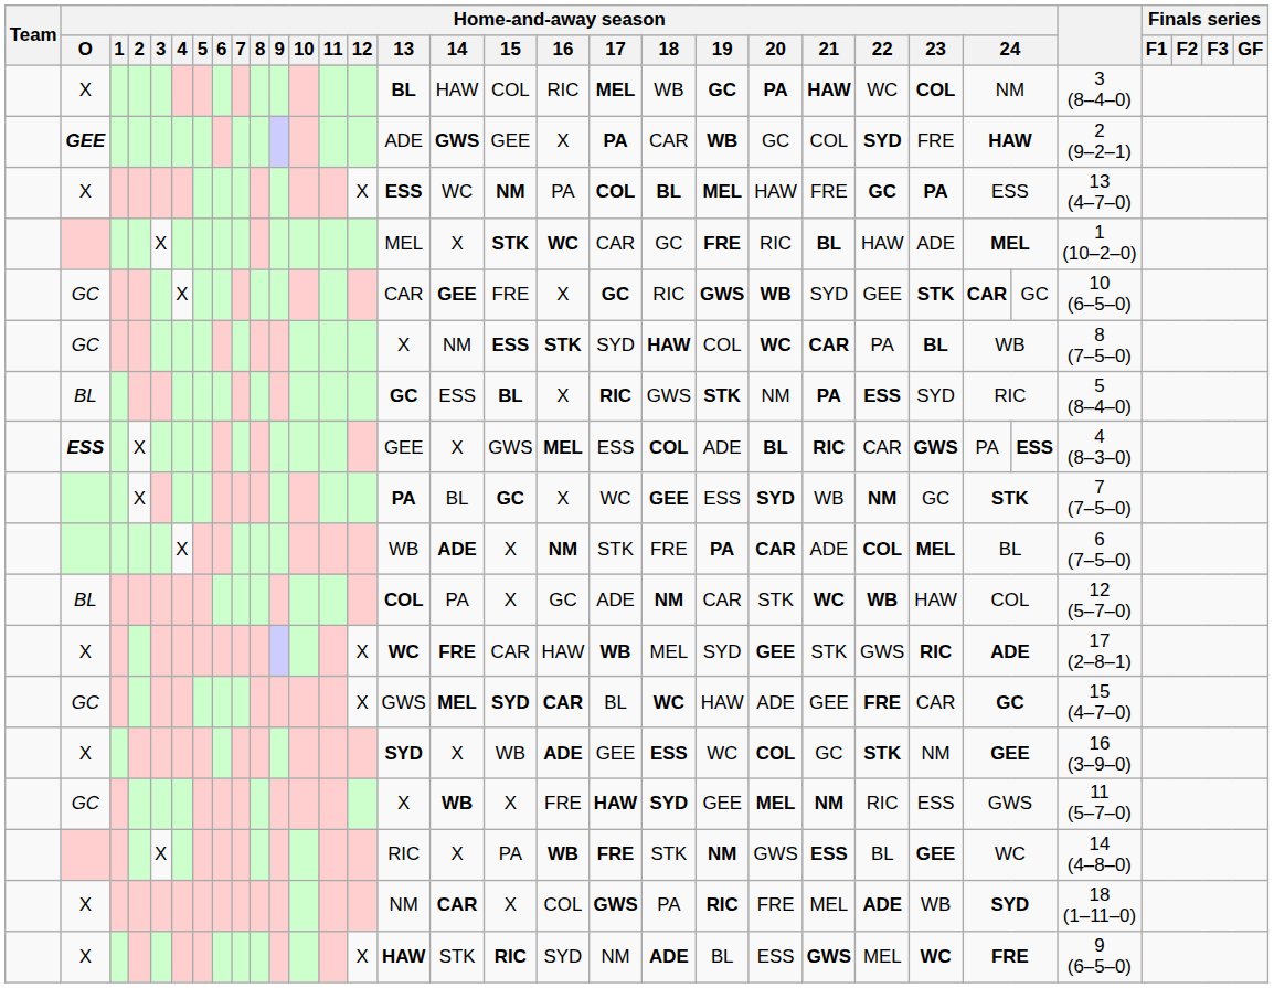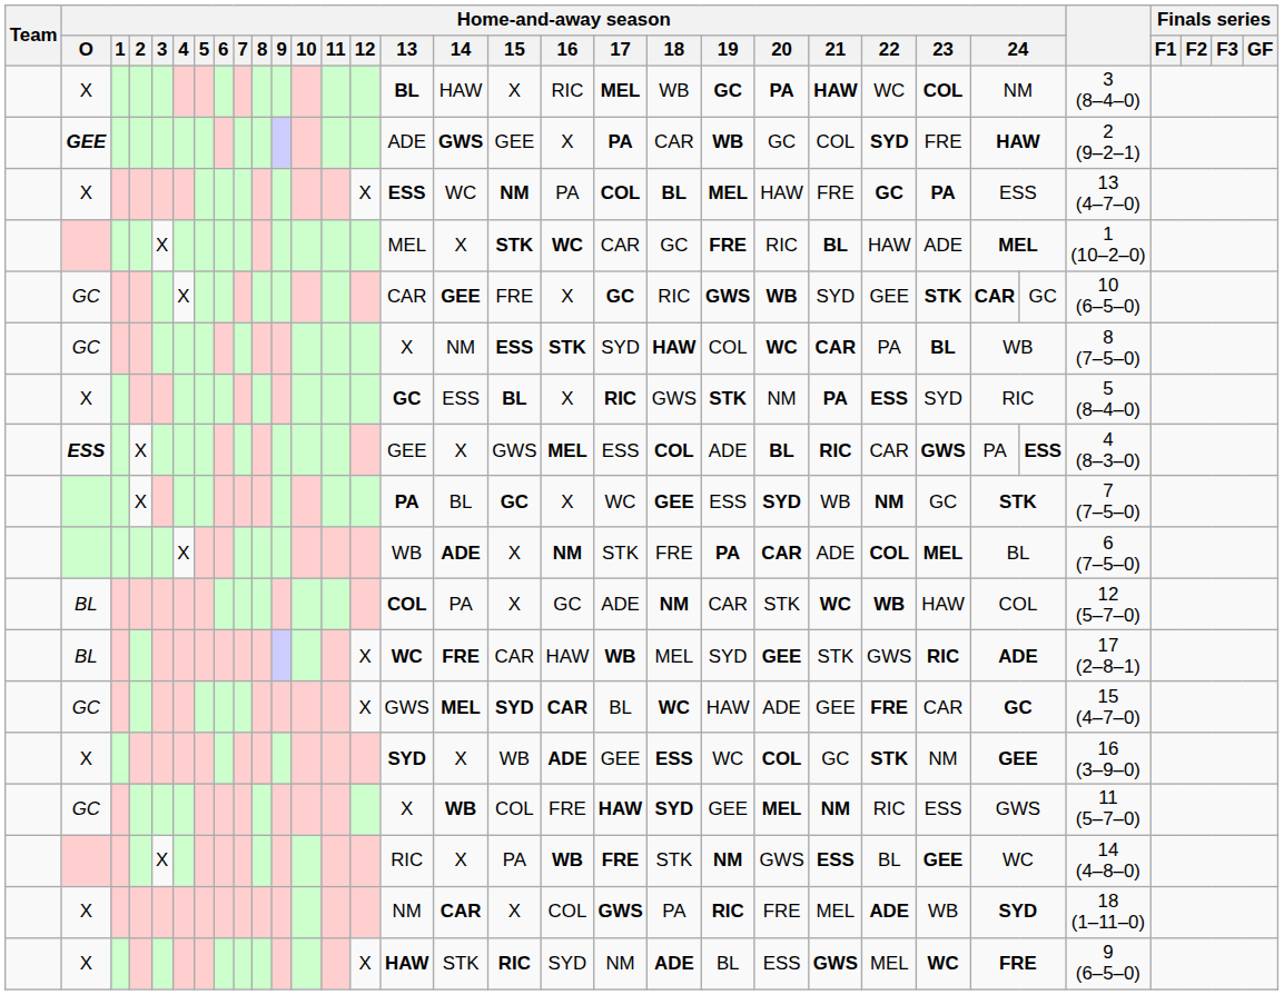 <table class="wikitable sortable" style="font-size:77.5%; text-align:center">
 <tr>
 <th rowspan=2>Team</th>
 <th colspan=26>Home-and-away season</th>
 <th rowspan=2></th>
 <th colspan=4>Finals series</th>
 </tr>
 <tr>
 <th>O</th>
 <th>1</th>
 <th>2</th>
 <th>3</th>
 <th>4</th>
 <th>5</th>
 <th>6</th>
 <th>7</th>
 <th>8</th>
 <th>9</th>
 <th>10</th>
 <th>11</th>
 <th>12</th>
 <th>13</th>
 <th>14</th>
 <th>15</th>
 <th>16</th>
 <th>17</th>
 <th>18</th>
 <th>19</th>
 <th>20</th>
 <th>21</th>
 <th>22</th>
 <th>23</th>
 <th colspan=2 class=unsortable>24</th>
 <th>F1</th>
 <th>F2</th>
 <th>F3</th>
 <th>GF</th>
 </tr>
 <tr>
 <td align=left></td>
 <td>X</td>
 <td bgcolor=CCFFCC><strong></strong></td>
 <td bgcolor=CCFFCC></td>
 <td bgcolor=CCFFCC><strong></strong></td>
 <td bgcolor=FFCFCF></td>
 <td bgcolor=FFCFCF></td>
 <td bgcolor=CCFFCC><strong></strong></td>
 <td bgcolor=FFCFCF></td>
 <td bgcolor=CCFFCC><strong></strong></td>
 <td bgcolor=CCFFCC></td>
 <td bgcolor=FFCFCF></td>
 <td bgcolor=CCFFCC><strong></strong></td>
 <td bgcolor=CCFFCC></td>
 <td><strong>BL</strong></td>
 <td>HAW</td>
-<td>COL</td>
+<td>X</td>
 <td>RIC</td>
 <td><strong>MEL</strong></td>
 <td>WB</td>
 <td><strong>GC</strong></td>
 <td><strong>PA</strong></td>
 <td><strong>HAW</strong></td>
 <td>WC</td>
 <td><strong>COL</strong></td>
 <td colspan=2>NM</td>
 <td>3<br>(8–4–0)</td>
 <td colspan=4></td>
 </tr>
 <tr>
 <td align=left></td>
 <td><strong><em>GEE</em></strong></td>
 <td bgcolor=CCFFCC></td>
 <td bgcolor=CCFFCC><strong></strong></td>
 <td bgcolor=CCFFCC><strong></strong></td>
 <td bgcolor=CCFFCC></td>
 <td bgcolor=CCFFCC></td>
 <td bgcolor=FFCFCF><strong></strong></td>
 <td bgcolor=CCFFCC></td>
 <td bgcolor=CCFFCC><strong></strong></td>
 <td bgcolor=CCCCFF></td>
 <td bgcolor=FFCFCF><strong></strong></td>
 <td bgcolor=CCFFCC></td>
 <td bgcolor=CCFFCC><strong></strong></td>
 <td>ADE</td>
 <td><strong>GWS</strong></td>
 <td>GEE</td>
 <td>X</td>
 <td><strong>PA</strong></td>
 <td>CAR</td>
 <td><strong>WB</strong></td>
 <td>GC</td>
 <td>COL</td>
 <td><strong>SYD</strong></td>
 <td>FRE</td>
 <td colspan=2><strong>HAW</strong></td>
 <td>2<br>(9–2–1)</td>
 <td colspan=4></td>
 </tr>
 <tr>
 <td align=left></td>
 <td>X</td>
 <td bgcolor=FFCFCF></td>
 <td bgcolor=FFCFCF><strong></strong></td>
 <td bgcolor=FFCFCF><strong></strong></td>
 <td bgcolor=FFCFCF></td>
 <td bgcolor=CCFFCC></td>
 <td bgcolor=CCFFCC></td>
 <td bgcolor=CCFFCC><strong></strong></td>
 <td bgcolor=FFCFCF></td>
 <td bgcolor=CCFFCC></td>
 <td bgcolor=FFCFCF></td>
 <td bgcolor=FFCFCF><strong></strong></td>
 <td>X</td>
 <td><strong>ESS</strong></td>
 <td>WC</td>
 <td><strong>NM</strong></td>
 <td>PA</td>
 <td><strong>COL</strong></td>
 <td><strong>BL</strong></td>
 <td><strong>MEL</strong></td>
 <td>HAW</td>
 <td>FRE</td>
 <td><strong>GC</strong></td>
 <td><strong>PA</strong></td>
 <td colspan=2>ESS</td>
 <td>13<br>(4–7–0)</td>
 <td colspan=4></td>
 </tr>
 <tr>
 <td align=left></td>
 <td bgcolor=FFCFCF></td>
 <td bgcolor=CCFFCC><strong></strong></td>
 <td bgcolor=CCFFCC></td>
 <td>X</td>
 <td bgcolor=CCFFCC><strong></strong></td>
 <td bgcolor=CCFFCC></td>
 <td bgcolor=CCFFCC></td>
 <td bgcolor=CCFFCC><strong></strong></td>
 <td bgcolor=FFCFCF><strong></strong></td>
 <td bgcolor=CCFFCC></td>
 <td bgcolor=CCFFCC><strong></strong></td>
 <td bgcolor=CCFFCC></td>
 <td bgcolor=CCFFCC><strong></strong></td>
 <td>MEL</td>
 <td>X</td>
 <td><strong>STK</strong></td>
 <td><strong>WC</strong></td>
 <td>CAR</td>
 <td>GC</td>
 <td><strong>FRE</strong></td>
 <td>RIC</td>
 <td><strong>BL</strong></td>
 <td>HAW</td>
 <td>ADE</td>
 <td colspan=2><strong>MEL</strong></td>
 <td>1<br>(10–2–0)</td>
 <td colspan=4></td>
 </tr>
 <tr>
 <td align=left></td>
 <td><em>GC</em></td>
 <td bgcolor=FFCFCF></td>
 <td bgcolor=FFCFCF><strong></strong></td>
 <td bgcolor=CCFFCC><strong></strong></td>
 <td>X</td>
 <td bgcolor=CCFFCC></td>
 <td bgcolor=CCFFCC></td>
 <td bgcolor=FFCFCF></td>
 <td bgcolor=CCFFCC><strong></strong></td>
 <td bgcolor=CCFFCC><strong></strong></td>
 <td bgcolor=FFCFCF></td>
 <td bgcolor=CCFFCC><strong></strong></td>
 <td bgcolor=FFCFCF></td>
 <td>CAR</td>
 <td><strong>GEE</strong></td>
 <td>FRE</td>
 <td>X</td>
 <td><strong>GC</strong></td>
 <td>RIC</td>
 <td><strong>GWS</strong></td>
 <td><strong>WB</strong></td>
 <td>SYD</td>
 <td>GEE</td>
 <td><strong>STK</strong></td>
 <td><strong>CAR</strong></td>
 <td>GC</td>
 <td>10<br>(6–5–0)</td>
 <td colspan=4></td>
 </tr>
 <tr>
 <td align=left></td>
 <td><em>GC</em></td>
 <td bgcolor=FFCFCF></td>
 <td bgcolor=FFCFCF><strong></strong></td>
 <td bgcolor=CCFFCC></td>
 <td bgcolor=CCFFCC><strong></strong></td>
 <td bgcolor=CCFFCC></td>
 <td bgcolor=FFCFCF></td>
 <td bgcolor=CCFFCC><strong></strong></td>
 <td bgcolor=FFCFCF></td>
 <td bgcolor=FFCFCF><strong></strong></td>
 <td bgcolor=CCFFCC></td>
 <td bgcolor=CCFFCC><strong></strong></td>
 <td bgcolor=CCFFCC></td>
 <td>X</td>
 <td>NM</td>
 <td><strong>ESS</strong></td>
 <td><strong>STK</strong></td>
 <td>SYD</td>
 <td><strong>HAW</strong></td>
 <td>COL</td>
 <td><strong>WC</strong></td>
 <td><strong>CAR</strong></td>
 <td>PA</td>
 <td><strong>BL</strong></td>
 <td colspan=2>WB</td>
 <td>8<br>(7–5–0)</td>
 <td colspan=4></td>
 </tr>
 <tr>
 <td align=left></td>
-<td><em>BL</em></td>
+<td>X</td>
 <td bgcolor=CCFFCC><strong></strong></td>
 <td bgcolor=FFCFCF></td>
 <td bgcolor=FFCFCF></td>
 <td bgcolor=CCFFCC><strong></strong></td>
 <td bgcolor=CCFFCC></td>
 <td bgcolor=CCFFCC><strong></strong></td>
 <td bgcolor=FFCFCF></td>
 <td bgcolor=CCFFCC></td>
 <td bgcolor=FFCFCF><strong></strong></td>
 <td bgcolor=CCFFCC></td>
 <td bgcolor=CCFFCC><strong></strong></td>
 <td bgcolor=CCFFCC></td>
 <td><strong>GC</strong></td>
 <td>ESS</td>
 <td><strong>BL</strong></td>
 <td>X</td>
 <td><strong>RIC</strong></td>
 <td>GWS</td>
 <td><strong>STK</strong></td>
 <td>NM</td>
 <td><strong>PA</strong></td>
 <td><strong>ESS</strong></td>
 <td>SYD</td>
 <td colspan=2>RIC</td>
 <td>5<br>(8–4–0)</td>
 <td colspan=4></td>
 </tr>
 <tr>
 <td align=left></td>
 <td><strong><em>ESS</em></strong></td>
 <td bgcolor=CCFFCC></td>
 <td>X</td>
 <td bgcolor=CCFFCC></td>
 <td bgcolor=CCFFCC><strong></strong></td>
 <td bgcolor=CCFFCC></td>
 <td bgcolor=FFCFCF></td>
 <td bgcolor=CCFFCC><strong></strong></td>
 <td bgcolor=FFCFCF></td>
 <td bgcolor=CCFFCC><strong></strong></td>
 <td bgcolor=CCFFCC><strong></strong></td>
 <td bgcolor=CCFFCC></td>
 <td bgcolor=FFCFCF><strong></strong></td>
 <td>GEE</td>
 <td>X</td>
 <td>GWS</td>
 <td><strong>MEL</strong></td>
 <td>ESS</td>
 <td><strong>COL</strong></td>
 <td>ADE</td>
 <td><strong>BL</strong></td>
 <td><strong>RIC</strong></td>
 <td>CAR</td>
 <td><strong>GWS</strong></td>
 <td>PA</td>
 <td><strong>ESS</strong></td>
 <td>4<br>(8–3–0)</td>
 <td colspan=4></td>
 </tr>
 <tr>
 <td align=left></td>
 <td bgcolor=CCFFCC><strong></strong></td>
 <td bgcolor=CCFFCC></td>
 <td>X</td>
 <td bgcolor=FFCFCF></td>
 <td bgcolor=CCFFCC><strong></strong></td>
 <td bgcolor=CCFFCC></td>
 <td bgcolor=FFCFCF></td>
 <td bgcolor=FFCFCF><strong></strong></td>
 <td bgcolor=FFCFCF></td>
 <td bgcolor=CCFFCC></td>
 <td bgcolor=FFCFCF><strong></strong></td>
 <td bgcolor=CCFFCC></td>
 <td bgcolor=CCFFCC><strong></strong></td>
 <td><strong>PA</strong></td>
 <td>BL</td>
 <td><strong>GC</strong></td>
 <td>X</td>
 <td>WC</td>
 <td><strong>GEE</strong></td>
 <td>ESS</td>
 <td><strong>SYD</strong></td>
 <td>WB</td>
 <td><strong>NM</strong></td>
 <td>GC</td>
 <td colspan=2><strong>STK</strong></td>
 <td>7<br>(7–5–0)</td>
 <td colspan=4></td>
 </tr>
 <tr>
 <td align=left></td>
 <td bgcolor=CCFFCC></td>
 <td bgcolor=CCFFCC><strong></strong></td>
 <td bgcolor=CCFFCC></td>
 <td bgcolor=CCFFCC><strong></strong></td>
 <td>X</td>
 <td bgcolor=FFCFCF></td>
 <td bgcolor=FFCFCF></td>
 <td bgcolor=CCFFCC><strong></strong></td>
 <td bgcolor=CCFFCC><strong></strong></td>
 <td bgcolor=CCFFCC></td>
 <td bgcolor=FFCFCF></td>
 <td bgcolor=FFCFCF><strong></strong></td>
 <td bgcolor=FFCFCF></td>
 <td>WB</td>
 <td><strong>ADE</strong></td>
 <td>X</td>
 <td><strong>NM</strong></td>
 <td>STK</td>
 <td>FRE</td>
 <td><strong>PA</strong></td>
 <td><strong>CAR</strong></td>
 <td>ADE</td>
 <td><strong>COL</strong></td>
 <td><strong>MEL</strong></td>
 <td colspan=2>BL</td>
 <td>6<br>(7–5–0)</td>
 <td colspan=4></td>
 </tr>
 <tr>
 <td align=left></td>
 <td><em>BL</em></td>
 <td bgcolor=FFCFCF><strong></strong></td>
 <td bgcolor=FFCFCF></td>
 <td bgcolor=FFCFCF><strong></strong></td>
 <td bgcolor=FFCFCF></td>
 <td bgcolor=FFCFCF></td>
 <td bgcolor=CCFFCC><strong></strong></td>
 <td bgcolor=CCFFCC><strong></strong></td>
 <td bgcolor=CCFFCC></td>
 <td bgcolor=FFCFCF><strong></strong></td>
 <td bgcolor=CCFFCC></td>
 <td bgcolor=CCFFCC><strong></strong></td>
 <td bgcolor=FFCFCF><strong></strong></td>
 <td><strong>COL</strong></td>
 <td>PA</td>
 <td>X</td>
 <td>GC</td>
 <td>ADE</td>
 <td><strong>NM</strong></td>
 <td>CAR</td>
 <td>STK</td>
 <td><strong>WC</strong></td>
 <td><strong>WB</strong></td>
 <td>HAW</td>
 <td colspan=2>COL</td>
 <td>12<br>(5–7–0)</td>
 <td colspan=4></td>
 </tr>
 <tr>
 <td align=left></td>
-<td>X</td>
+<td><em>BL</em></td>
 <td bgcolor=FFCFCF></td>
 <td bgcolor=CCFFCC><strong></strong></td>
 <td bgcolor=FFCFCF></td>
 <td bgcolor=FFCFCF><strong></strong></td>
 <td bgcolor=FFCFCF></td>
 <td bgcolor=FFCFCF><strong></strong></td>
 <td bgcolor=FFCFCF></td>
 <td bgcolor=FFCFCF></td>
 <td bgcolor=CCCCFF><strong></strong></td>
 <td bgcolor=CCFFCC></td>
 <td bgcolor=FFCFCF><strong></strong></td>
 <td>X</td>
 <td><strong>WC</strong></td>
 <td><strong>FRE</strong></td>
 <td>CAR</td>
 <td>HAW</td>
 <td><strong>WB</strong></td>
 <td>MEL</td>
 <td>SYD</td>
 <td><strong>GEE</strong></td>
 <td>STK</td>
 <td>GWS</td>
 <td><strong>RIC</strong></td>
 <td colspan=2><strong>ADE</strong></td>
 <td>17<br>(2–8–1)</td>
 <td colspan=4></td>
 </tr>
 <tr>
 <td align=left></td>
 <td><em>GC</em></td>
 <td bgcolor=FFCFCF></td>
 <td bgcolor=CCFFCC><strong></strong></td>
 <td bgcolor=FFCFCF></td>
 <td bgcolor=FFCFCF><strong></strong></td>
 <td bgcolor=CCFFCC></td>
 <td bgcolor=CCFFCC></td>
 <td bgcolor=CCFFCC><strong></strong></td>
 <td bgcolor=FFCFCF></td>
 <td bgcolor=FFCFCF><strong></strong></td>
 <td bgcolor=FFCFCF><strong></strong></td>
 <td bgcolor=FFCFCF></td>
 <td>X</td>
 <td>GWS</td>
 <td><strong>MEL</strong></td>
 <td><strong>SYD</strong></td>
 <td><strong>CAR</strong></td>
 <td>BL</td>
 <td><strong>WC</strong></td>
 <td>HAW</td>
 <td>ADE</td>
 <td>GEE</td>
 <td><strong>FRE</strong></td>
 <td>CAR</td>
 <td colspan=2><strong>GC</strong></td>
 <td>15<br>(4–7–0)</td>
 <td colspan=4></td>
 </tr>
 <tr>
 <td align=left></td>
 <td>X</td>
 <td bgcolor=CCFFCC><strong></strong></td>
 <td bgcolor=FFCFCF></td>
 <td bgcolor=FFCFCF></td>
 <td bgcolor=FFCFCF><strong></strong></td>
 <td bgcolor=FFCFCF></td>
 <td bgcolor=CCFFCC><strong></strong></td>
 <td bgcolor=FFCFCF></td>
 <td bgcolor=FFCFCF></td>
 <td bgcolor=CCFFCC><strong></strong></td>
 <td bgcolor=FFCFCF><strong></strong></td>
 <td bgcolor=FFCFCF></td>
 <td bgcolor=FFCFCF></td>
 <td><strong>SYD</strong></td>
 <td>X</td>
 <td>WB</td>
 <td><strong>ADE</strong></td>
 <td>GEE</td>
 <td><strong>ESS</strong></td>
 <td>WC</td>
 <td><strong>COL</strong></td>
 <td>GC</td>
 <td><strong>STK</strong></td>
 <td>NM</td>
 <td colspan=2><strong>GEE</strong></td>
 <td>16<br>(3–9–0)</td>
 <td colspan=4></td>
 </tr>
 <tr>
 <td align=left></td>
 <td><em>GC</em></td>
 <td bgcolor=FFCFCF></td>
 <td bgcolor=CCFFCC><strong></strong></td>
 <td bgcolor=CCFFCC><strong></strong></td>
 <td bgcolor=CCFFCC></td>
 <td bgcolor=FFCFCF></td>
 <td bgcolor=FFCFCF></td>
 <td bgcolor=FFCFCF><strong></strong></td>
 <td bgcolor=CCFFCC><strong></strong></td>
 <td bgcolor=FFCFCF><strong></strong></td>
 <td bgcolor=FFCFCF></td>
 <td bgcolor=FFCFCF><strong></strong></td>
 <td bgcolor=CCFFCC></td>
 <td>X</td>
 <td><strong>WB</strong></td>
-<td>X</td>
+<td>COL</td>
 <td>FRE</td>
 <td><strong>HAW</strong></td>
 <td><strong>SYD</strong></td>
 <td>GEE</td>
 <td><strong>MEL</strong></td>
 <td><strong>NM</strong></td>
 <td>RIC</td>
 <td>ESS</td>
 <td colspan=2>GWS</td>
 <td>11<br>(5–7–0)</td>
 <td colspan=4></td>
 </tr>
 <tr>
 <td align=left></td>
 <td bgcolor=FFCFCF><strong></strong></td>
 <td bgcolor=FFCFCF><strong></strong></td>
 <td bgcolor=CCFFCC></td>
 <td>X</td>
 <td bgcolor=CCFFCC></td>
 <td bgcolor=FFCFCF></td>
 <td bgcolor=FFCFCF><strong></strong></td>
 <td bgcolor=FFCFCF></td>
 <td bgcolor=CCFFCC><strong></strong></td>
 <td bgcolor=FFCFCF></td>
 <td bgcolor=CCFFCC><strong></strong></td>
 <td bgcolor=FFCFCF></td>
 <td bgcolor=FFCFCF><strong></strong></td>
 <td>RIC</td>
 <td>X</td>
 <td>PA</td>
 <td><strong>WB</strong></td>
 <td><strong>FRE</strong></td>
 <td>STK</td>
 <td><strong>NM</strong></td>
 <td>GWS</td>
 <td><strong>ESS</strong></td>
 <td>BL</td>
 <td><strong>GEE</strong></td>
 <td colspan=2>WC</td>
 <td>14<br>(4–8–0)</td>
 <td colspan=4></td>
 </tr>
 <tr>
 <td align=left></td>
 <td>X</td>
 <td bgcolor=FFCFCF><strong></strong></td>
 <td bgcolor=FFCFCF></td>
 <td bgcolor=FFCFCF><strong></strong></td>
 <td bgcolor=FFCFCF></td>
 <td bgcolor=FFCFCF></td>
 <td bgcolor=FFCFCF><strong></strong></td>
 <td bgcolor=FFCFCF></td>
 <td bgcolor=FFCFCF><strong></strong></td>
 <td bgcolor=FFCFCF></td>
 <td bgcolor=CCFFCC><strong></strong></td>
 <td bgcolor=FFCFCF></td>
 <td bgcolor=FFCFCF><strong></strong></td>
 <td>NM</td>
 <td><strong>CAR</strong></td>
 <td>X</td>
 <td>COL</td>
 <td><strong>GWS</strong></td>
 <td>PA</td>
 <td><strong>RIC</strong></td>
 <td>FRE</td>
 <td>MEL</td>
 <td><strong>ADE</strong></td>
 <td>WB</td>
 <td colspan=2><strong>SYD</strong></td>
 <td>18<br>(1–11–0)</td>
 <td colspan=4></td>
 </tr>
 <tr>
 <td align=left></td>
 <td>X</td>
 <td bgcolor=CCFFCC><strong></strong></td>
 <td bgcolor=FFCFCF><strong></strong></td>
 <td bgcolor=CCFFCC></td>
 <td bgcolor=FFCFCF></td>
 <td bgcolor=FFCFCF></td>
 <td bgcolor=CCFFCC><strong></strong></td>
 <td bgcolor=CCFFCC></td>
 <td bgcolor=CCFFCC><strong></strong></td>
 <td bgcolor=FFCFCF></td>
 <td bgcolor=CCFFCC><strong></strong></td>
 <td bgcolor=FFCFCF></td>
 <td>X</td>
 <td><strong>HAW</strong></td>
 <td>STK</td>
 <td><strong>RIC</strong></td>
 <td>SYD</td>
 <td>NM</td>
 <td><strong>ADE</strong></td>
 <td>BL</td>
 <td>ESS</td>
 <td><strong>GWS</strong></td>
 <td>MEL</td>
 <td><strong>WC</strong></td>
 <td colspan=2><strong>FRE</strong></td>
 <td>9<br>(6–5–0)</td>
 <td colspan=4></td>
 </tr>
 </table>
